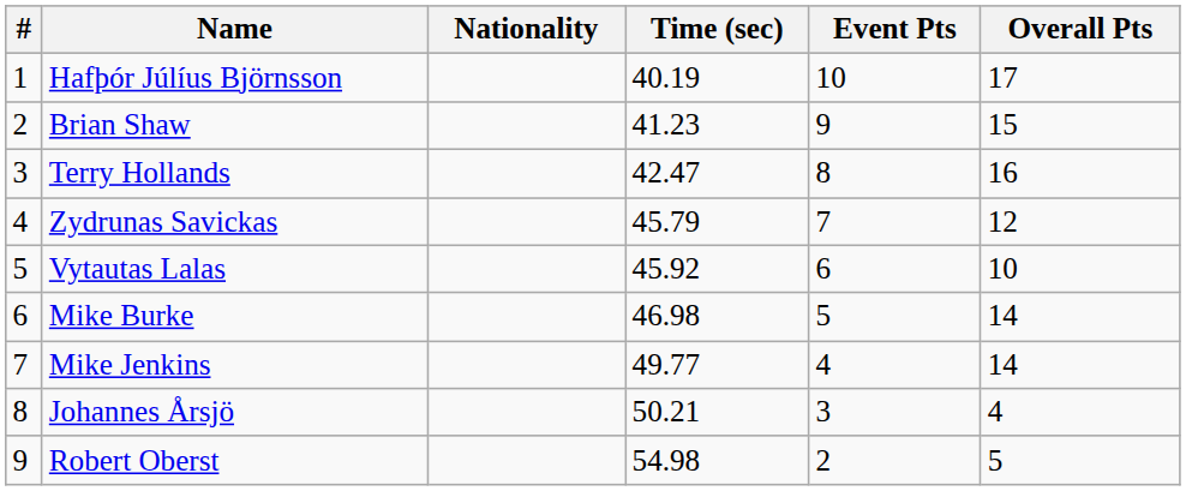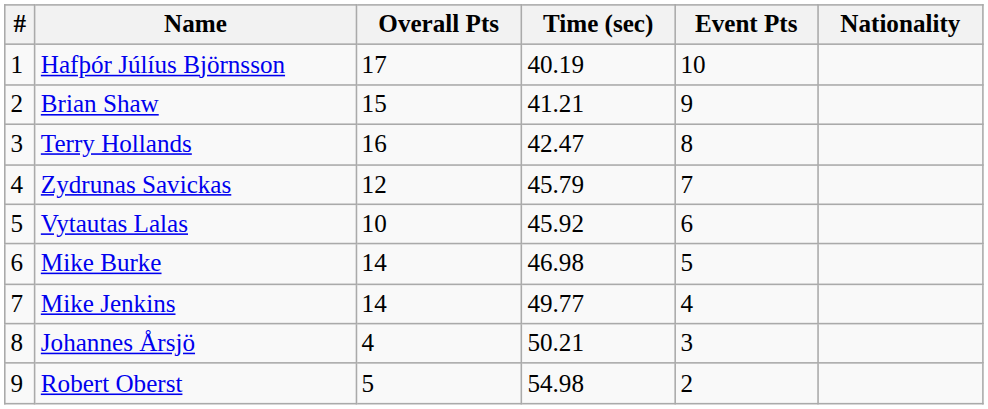 <table class="wikitable sortable" style="display: inline-table; width: 100%;">
 <tr>
 <th>#</th>
 <th>Name</th>
-<th>Nationality</th>
+<th>Overall Pts</th>
 <th>Time (sec)</th>
 <th>Event Pts</th>
-<th>Overall Pts</th>
+<th>Nationality</th>
 </tr>
 <tr>
 <td>1</td>
 <td><a href='#'>Hafþór Júlíus Björnsson</a></td>
-<td></td>
+<td>17</td>
 <td>40.19</td>
 <td>10</td>
-<td>17</td>
+<td></td>
 </tr>
 <tr>
 <td>2</td>
 <td><a href='#'>Brian Shaw</a></td>
+<td>15</td>
+<td>41.21</td>
+<td>9</td>
 <td></td>
-<td>41.23</td>
-<td>9</td>
-<td>15</td>
 </tr>
 <tr>
 <td>3</td>
 <td><a href='#'>Terry Hollands</a></td>
-<td></td>
+<td>16</td>
 <td>42.47</td>
 <td>8</td>
-<td>16</td>
+<td></td>
 </tr>
 <tr>
 <td>4</td>
 <td><a href='#'>Zydrunas Savickas</a></td>
-<td></td>
+<td>12</td>
 <td>45.79</td>
 <td>7</td>
-<td>12</td>
+<td></td>
 </tr>
 <tr>
 <td>5</td>
 <td><a href='#'>Vytautas Lalas</a></td>
-<td></td>
+<td>10</td>
 <td>45.92</td>
 <td>6</td>
-<td>10</td>
+<td></td>
 </tr>
 <tr>
 <td>6</td>
 <td><a href='#'>Mike Burke</a></td>
-<td></td>
+<td>14</td>
 <td>46.98</td>
 <td>5</td>
-<td>14</td>
+<td></td>
 </tr>
 <tr>
 <td>7</td>
 <td><a href='#'>Mike Jenkins</a></td>
-<td></td>
+<td>14</td>
 <td>49.77</td>
 <td>4</td>
-<td>14</td>
+<td></td>
 </tr>
 <tr>
 <td>8</td>
 <td><a href='#'>Johannes Årsjö</a></td>
-<td></td>
+<td>4</td>
 <td>50.21</td>
 <td>3</td>
-<td>4</td>
+<td></td>
 </tr>
 <tr>
 <td>9</td>
 <td><a href='#'>Robert Oberst</a></td>
-<td></td>
+<td>5</td>
 <td>54.98</td>
 <td>2</td>
-<td>5</td>
+<td></td>
 </tr>
 </table>
